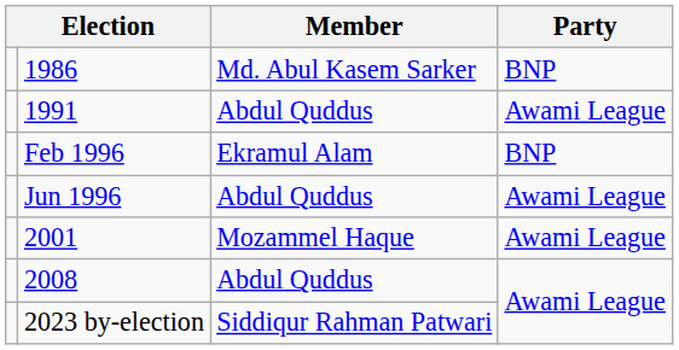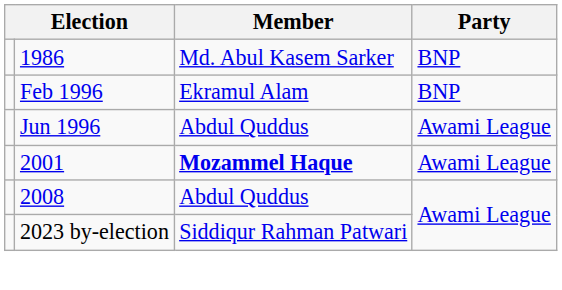 <table class="wikitable">
 <tr>
 <th colspan="2">Election</th>
 <th>Member</th>
 <th>Party</th>
 </tr>
 <tr>
 <td style="background-color:"></td>
 <td><a href='#'>1986</a></td>
 <td><a href='#'>Md. Abul Kasem Sarker</a></td>
 <td><a href='#'>BNP</a></td>
-</tr>
-<tr>
-<td style="background-color:"></td>
-<td><a href='#'>1991</a></td>
-<td><a href='#'>Abdul Quddus</a></td>
-<td><a href='#'>Awami League</a></td>
 </tr>
 <tr>
 <td style="background-color:"></td>
 <td><a href='#'>Feb 1996</a></td>
 <td><a href='#'>Ekramul Alam</a></td>
 <td><a href='#'>BNP</a></td>
 </tr>
 <tr>
 <td style="background-color:"></td>
 <td><a href='#'>Jun 1996</a></td>
 <td><a href='#'>Abdul Quddus</a></td>
 <td><a href='#'>Awami League</a></td>
 </tr>
 <tr>
 <td style="background-color:"></td>
 <td><a href='#'>2001</a></td>
-<td><a href='#'>Mozammel Haque</a></td>
+<td><strong><a href='#'>Mozammel Haque</a></strong></td>
 <td><a href='#'>Awami League</a></td>
 </tr>
 <tr>
 <td style="background-color:"></td>
 <td><a href='#'>2008</a></td>
 <td><a href='#'>Abdul Quddus</a></td>
 <td rowspan="2"><a href='#'>Awami League</a></td>
 </tr>
 <tr>
 <td style="background-color:"></td>
 <td>2023 by-election</td>
 <td><a href='#'>Siddiqur Rahman Patwari</a></td>
 </tr>
 </table>
